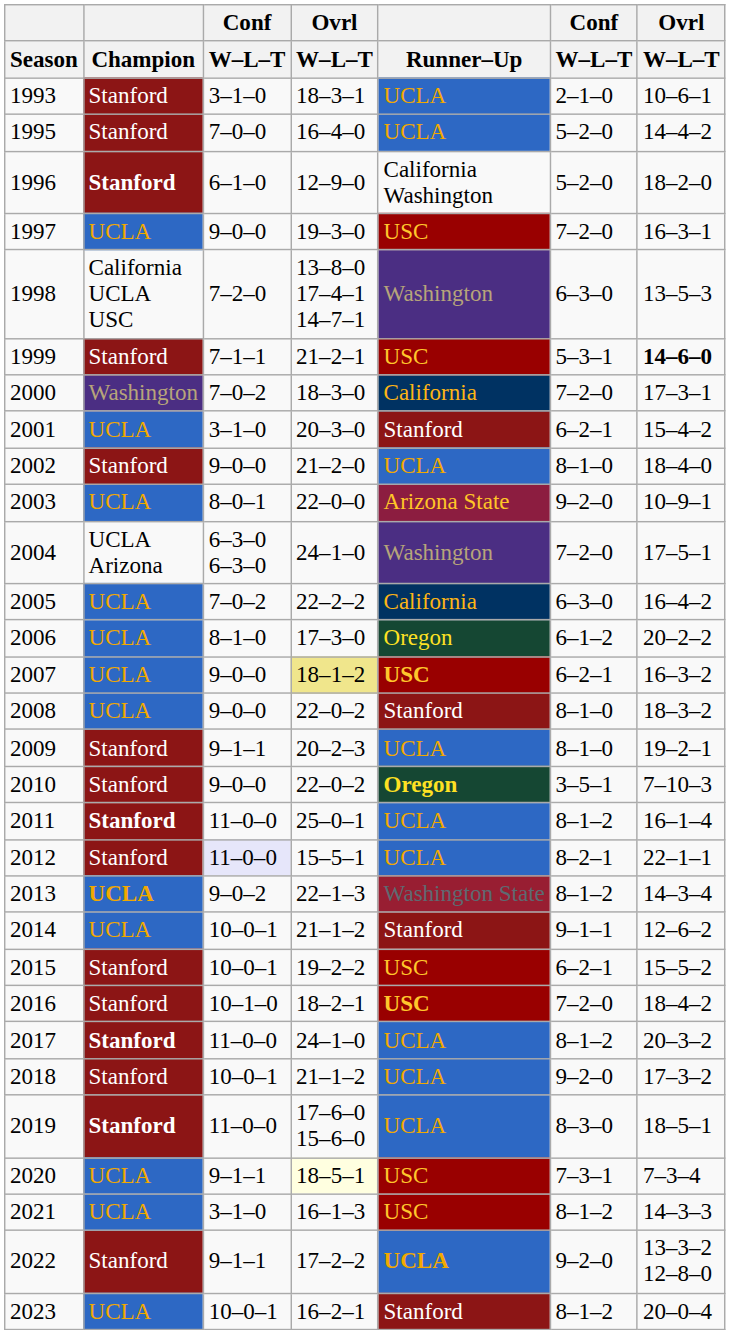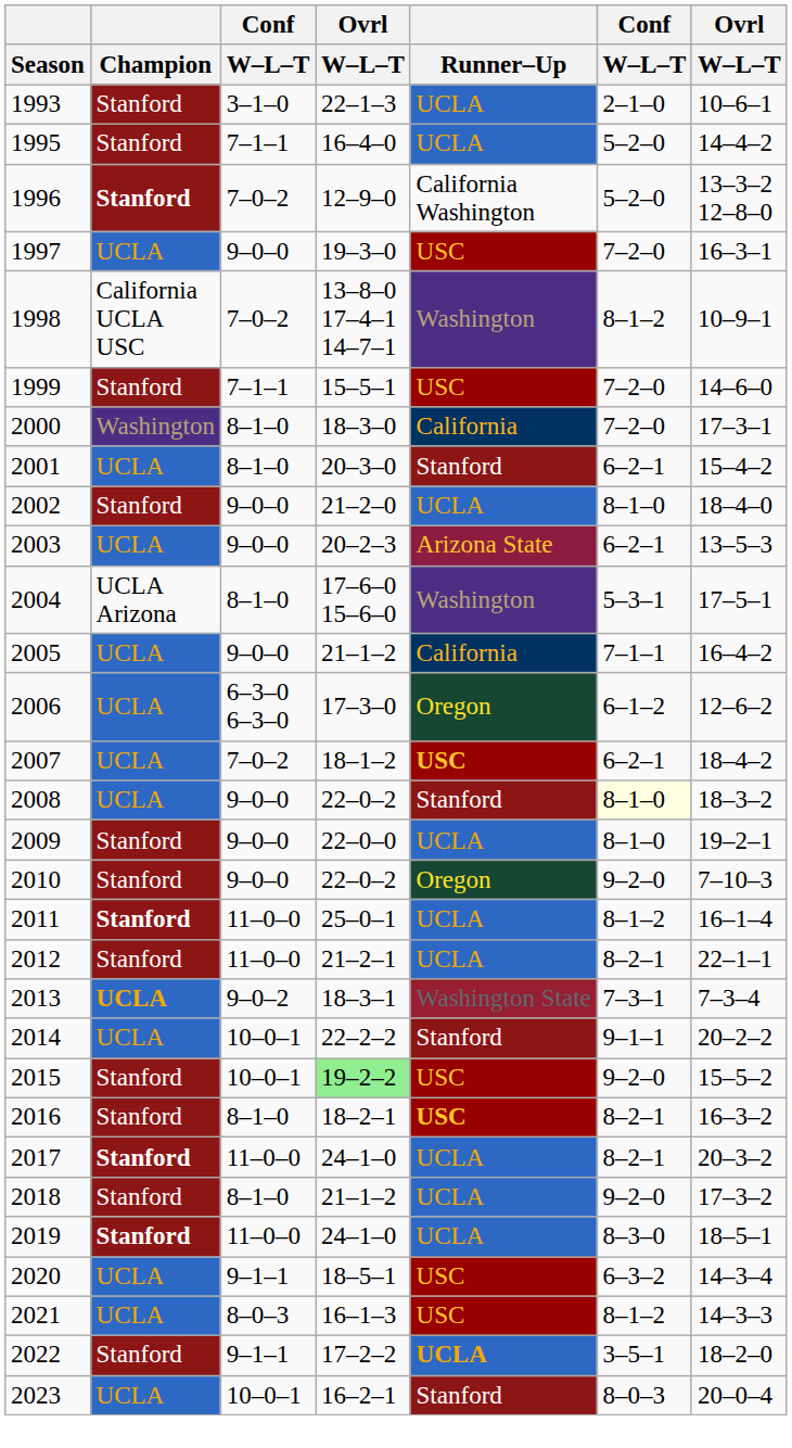 <table class="wikitable">
 <tr>
 <th></th>
 <th></th>
 <th>Conf</th>
 <th>Ovrl</th>
 <th></th>
 <th>Conf</th>
 <th>Ovrl</th>
 </tr>
 <tr>
 <th>Season</th>
 <th>Champion</th>
 <th>W–L–T</th>
 <th>W–L–T</th>
 <th>Runner–Up</th>
 <th>W–L–T</th>
 <th>W–L–T</th>
 </tr>
 <tr>
 <td>1993</td>
 <td style="background:#8C1515; color:#FFFFFF;">Stanford</td>
 <td>3–1–0</td>
-<td>18–3–1</td>
+<td>22–1–3</td>
 <td style="background:#2D68C4; color:#F2A900;">UCLA</td>
 <td>2–1–0</td>
 <td>10–6–1</td>
 </tr>
 <tr>
 <td>1995</td>
 <td style="background:#8C1515; color:#FFFFFF;">Stanford</td>
-<td>7–0–0</td>
+<td>7–1–1</td>
 <td>16–4–0</td>
 <td style="background:#2D68C4; color:#F2A900;">UCLA</td>
 <td>5–2–0</td>
 <td>14–4–2</td>
 </tr>
 <tr>
 <td>1996</td>
 <td style="background:#8C1515; color:#FFFFFF;"><strong>Stanford</strong></td>
-<td>6–1–0</td>
+<td>7–0–2</td>
 <td>12–9–0</td>
 <td>California<br>Washington</td>
 <td>5–2–0</td>
-<td>18–2–0</td>
+<td>13–3–2<br>12–8–0</td>
 </tr>
 <tr>
 <td>1997</td>
 <td style="background:#2D68C4; color:#F2A900;">UCLA</td>
 <td>9–0–0</td>
 <td>19–3–0</td>
 <td style="background:#990000; color:#FFC72C;">USC</td>
 <td>7–2–0</td>
 <td>16–3–1</td>
 </tr>
 <tr>
 <td>1998</td>
 <td>California<br>UCLA<br>USC</td>
-<td>7–2–0</td>
+<td>7–0–2</td>
 <td>13–8–0 <br>17–4–1<br>14–7–1</td>
 <td style="background:#4B2E83; color:#B7A57A;">Washington</td>
-<td>6–3–0</td>
-<td>13–5–3</td>
+<td>8–1–2</td>
+<td>10–9–1</td>
 </tr>
 <tr>
 <td>1999</td>
 <td style="background:#8C1515; color:#FFFFFF;">Stanford</td>
 <td>7–1–1</td>
-<td>21–2–1</td>
+<td>15–5–1</td>
 <td style="background:#990000; color:#FFC72C;">USC</td>
-<td>5–3–1</td>
-<td><strong>14–6–0</strong></td>
+<td>7–2–0</td>
+<td>14–6–0</td>
 </tr>
 <tr>
 <td>2000</td>
 <td style="background:#4B2E83; color:#B7A57A;">Washington</td>
-<td>7–0–2</td>
+<td>8–1–0</td>
 <td>18–3–0</td>
 <td style="background:#003262; color:#FDB515;">California</td>
 <td>7–2–0</td>
 <td>17–3–1</td>
 </tr>
 <tr>
 <td>2001</td>
 <td style="background:#2D68C4; color:#F2A900;">UCLA</td>
-<td>3–1–0</td>
+<td>8–1–0</td>
 <td>20–3–0</td>
 <td style="background:#8C1515; color:#FFFFFF;">Stanford</td>
 <td>6–2–1</td>
 <td>15–4–2</td>
 </tr>
 <tr>
 <td>2002</td>
 <td style="background:#8C1515; color:#FFFFFF;">Stanford</td>
 <td>9–0–0</td>
 <td>21–2–0</td>
 <td style="background:#2D68C4; color:#F2A900;">UCLA</td>
 <td>8–1–0</td>
 <td>18–4–0</td>
 </tr>
 <tr>
 <td>2003</td>
 <td style="background:#2D68C4; color:#F2A900;">UCLA</td>
-<td>8–0–1</td>
-<td>22–0–0</td>
+<td>9–0–0</td>
+<td>20–2–3</td>
 <td style="background:#8C1D40; color:#FFC627;">Arizona State</td>
-<td>9–2–0</td>
-<td>10–9–1</td>
+<td>6–2–1</td>
+<td>13–5–3</td>
 </tr>
 <tr>
 <td>2004</td>
 <td>UCLA<br>Arizona</td>
-<td>6–3–0<br>6–3–0</td>
-<td>24–1–0</td>
+<td>8–1–0</td>
+<td>17–6–0<br>15–6–0</td>
 <td style="background:#4B2E83; color:#B7A57A;">Washington</td>
-<td>7–2–0</td>
+<td>5–3–1</td>
 <td>17–5–1</td>
 </tr>
 <tr>
 <td>2005</td>
 <td style="background:#2D68C4; color:#F2A900;">UCLA</td>
-<td>7–0–2</td>
-<td>22–2–2</td>
+<td>9–0–0</td>
+<td>21–1–2</td>
 <td style="background:#003262; color:#FDB515;">California</td>
-<td>6–3–0</td>
+<td>7–1–1</td>
 <td>16–4–2</td>
 </tr>
 <tr>
 <td>2006</td>
 <td style="background:#2D68C4; color:#F2A900;">UCLA</td>
-<td>8–1–0</td>
+<td>6–3–0<br>6–3–0</td>
 <td>17–3–0</td>
 <td style="background:#154733; color:#FEE123;">Oregon</td>
 <td>6–1–2</td>
-<td>20–2–2</td>
+<td>12–6–2</td>
 </tr>
 <tr>
 <td>2007</td>
 <td style="background:#2D68C4; color:#F2A900;">UCLA</td>
-<td>9–0–0</td>
-<td style="background: khaki;">18–1–2</td>
+<td>7–0–2</td>
+<td>18–1–2</td>
 <td style="background:#990000; color:#FFC72C;"><strong>USC</strong></td>
 <td>6–2–1</td>
-<td>16–3–2</td>
+<td>18–4–2</td>
 </tr>
 <tr>
 <td>2008</td>
 <td style="background:#2D68C4; color:#F2A900;">UCLA</td>
 <td>9–0–0</td>
 <td>22–0–2</td>
 <td style="background:#8C1515; color:#FFFFFF;">Stanford</td>
-<td>8–1–0</td>
+<td style="background: lightyellow;">8–1–0</td>
 <td>18–3–2</td>
 </tr>
 <tr>
 <td>2009</td>
 <td style="background:#8C1515; color:#FFFFFF;">Stanford</td>
-<td>9–1–1</td>
-<td>20–2–3</td>
+<td>9–0–0</td>
+<td>22–0–0</td>
 <td style="background:#2D68C4; color:#F2A900;">UCLA</td>
 <td>8–1–0</td>
 <td>19–2–1</td>
 </tr>
 <tr>
 <td>2010</td>
 <td style="background:#8C1515; color:#FFFFFF;">Stanford</td>
 <td>9–0–0</td>
 <td>22–0–2</td>
-<td style="background:#154733; color:#FEE123;"><strong>Oregon</strong></td>
-<td>3–5–1</td>
+<td style="background:#154733; color:#FEE123;">Oregon</td>
+<td>9–2–0</td>
 <td>7–10–3</td>
 </tr>
 <tr>
 <td>2011</td>
 <td style="background:#8C1515; color:#FFFFFF;"><strong>Stanford</strong></td>
 <td>11–0–0</td>
 <td>25–0–1</td>
 <td style="background:#2D68C4; color:#F2A900;">UCLA</td>
 <td>8–1–2</td>
 <td>16–1–4</td>
 </tr>
 <tr>
 <td>2012</td>
 <td style="background:#8C1515; color:#FFFFFF;">Stanford</td>
-<td style="background: lavender;">11–0–0</td>
-<td>15–5–1</td>
+<td>11–0–0</td>
+<td>21–2–1</td>
 <td style="background:#2D68C4; color:#F2A900;">UCLA</td>
 <td>8–2–1</td>
 <td>22–1–1</td>
 </tr>
 <tr>
 <td>2013</td>
 <td style="background:#2D68C4; color:#F2A900;"><strong>UCLA</strong></td>
 <td>9–0–2</td>
-<td>22–1–3</td>
+<td>18–3–1</td>
 <td style="background:#981E32; color:#5E6A71;">Washington State</td>
-<td>8–1–2</td>
-<td>14–3–4</td>
+<td>7–3–1</td>
+<td>7–3–4</td>
 </tr>
 <tr>
 <td>2014</td>
 <td style="background:#2D68C4; color:#F2A900;">UCLA</td>
 <td>10–0–1</td>
-<td>21–1–2</td>
+<td>22–2–2</td>
 <td style="background:#8C1515; color:#FFFFFF;">Stanford</td>
 <td>9–1–1</td>
-<td>12–6–2</td>
+<td>20–2–2</td>
 </tr>
 <tr>
 <td>2015</td>
 <td style="background:#8C1515; color:#FFFFFF;">Stanford</td>
 <td>10–0–1</td>
-<td>19–2–2</td>
+<td style="background: lightgreen;">19–2–2</td>
 <td style="background:#990000; color:#FFC72C;">USC</td>
-<td>6–2–1</td>
+<td>9–2–0</td>
 <td>15–5–2</td>
 </tr>
 <tr>
 <td>2016</td>
 <td style="background:#8C1515; color:#FFFFFF;">Stanford</td>
-<td>10–1–0</td>
+<td>8–1–0</td>
 <td>18–2–1</td>
 <td style="background:#990000; color:#FFC72C;"><strong>USC</strong></td>
-<td>7–2–0</td>
-<td>18–4–2</td>
+<td>8–2–1</td>
+<td>16–3–2</td>
 </tr>
 <tr>
 <td>2017</td>
 <td style="background:#8C1515; color:#FFFFFF;"><strong>Stanford</strong></td>
 <td>11–0–0</td>
 <td>24–1–0</td>
 <td style="background:#2D68C4; color:#F2A900;">UCLA</td>
-<td>8–1–2</td>
+<td>8–2–1</td>
 <td>20–3–2</td>
 </tr>
 <tr>
 <td>2018</td>
 <td style="background:#8C1515; color:#FFFFFF;">Stanford</td>
-<td>10–0–1</td>
+<td>8–1–0</td>
 <td>21–1–2</td>
 <td style="background:#2D68C4; color:#F2A900;">UCLA</td>
 <td>9–2–0</td>
 <td>17–3–2</td>
 </tr>
 <tr>
 <td>2019</td>
 <td style="background:#8C1515; color:#FFFFFF;"><strong>Stanford</strong></td>
 <td>11–0–0</td>
-<td>17–6–0<br>15–6–0</td>
+<td>24–1–0</td>
 <td style="background:#2D68C4; color:#F2A900;">UCLA</td>
 <td>8–3–0</td>
 <td>18–5–1</td>
 </tr>
 <tr>
 <td>2020</td>
 <td style="background:#2D68C4; color:#F2A900;">UCLA</td>
 <td>9–1–1</td>
-<td style="background: lightyellow;">18–5–1</td>
+<td>18–5–1</td>
 <td style="background:#990000; color:#FFC72C;">USC</td>
-<td>7–3–1</td>
-<td>7–3–4</td>
+<td>6–3–2</td>
+<td>14–3–4</td>
 </tr>
 <tr>
 <td>2021</td>
 <td style="background:#2D68C4; color:#F2A900;">UCLA</td>
-<td>3–1–0</td>
+<td>8–0–3</td>
 <td>16–1–3</td>
 <td style="background:#990000; color:#FFC72C;">USC</td>
 <td>8–1–2</td>
 <td>14–3–3</td>
 </tr>
 <tr>
 <td>2022</td>
 <td style="background:#8C1515; color:#FFFFFF;">Stanford</td>
 <td>9–1–1</td>
 <td>17–2–2</td>
 <td style="background:#2D68C4; color:#F2A900;"><strong>UCLA</strong></td>
-<td>9–2–0</td>
-<td>13–3–2<br>12–8–0</td>
+<td>3–5–1</td>
+<td>18–2–0</td>
 </tr>
 <tr>
 <td>2023</td>
 <td style="background:#2D68C4; color:#F2A900;">UCLA</td>
 <td>10–0–1</td>
 <td>16–2–1</td>
 <td style="background:#8C1515; color:#FFFFFF;">Stanford</td>
-<td>8–1–2</td>
+<td>8–0–3</td>
 <td>20–0–4</td>
 </tr>
 </table>
